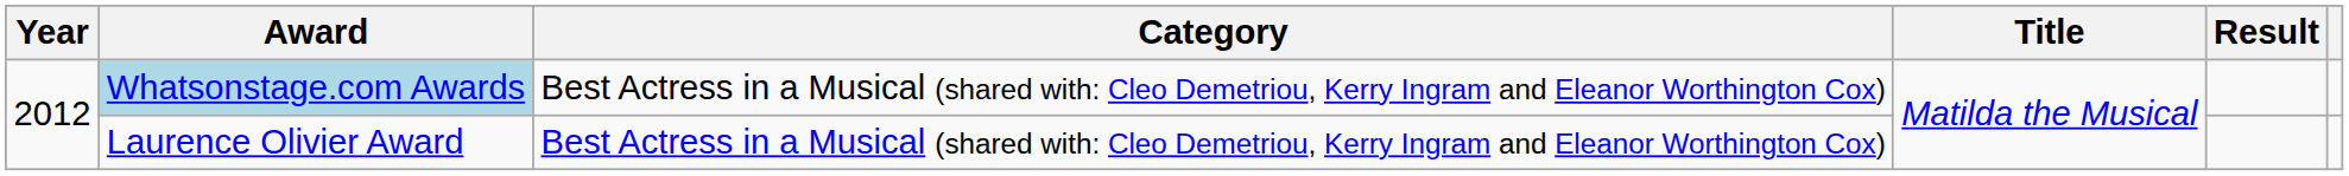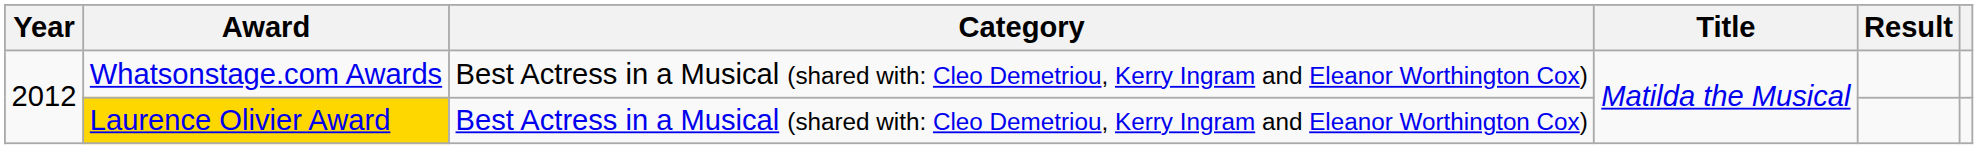 <table class="wikitable">
 <tr>
 <th>Year</th>
 <th>Award</th>
 <th>Category</th>
 <th>Title</th>
 <th>Result</th>
 <th></th>
 </tr>
 <tr>
 <td rowspan=2>2012</td>
-<td style="background: lightblue;"><a href='#'>Whatsonstage.com Awards</a></td>
+<td><a href='#'>Whatsonstage.com Awards</a></td>
 <td>Best Actress in a Musical <small>(shared with: <a href='#'>Cleo Demetriou</a>, <a href='#'>Kerry Ingram</a> and <a href='#'>Eleanor Worthington Cox</a>)</small></td>
 <td rowspan=2><em><a href='#'>Matilda the Musical</a></em></td>
 <td></td>
 <td></td>
 </tr>
 <tr>
-<td><a href='#'>Laurence Olivier Award</a></td>
+<td style="background: gold;"><a href='#'>Laurence Olivier Award</a></td>
 <td><a href='#'>Best Actress in a Musical</a> <small>(shared with: <a href='#'>Cleo Demetriou</a>, <a href='#'>Kerry Ingram</a> and <a href='#'>Eleanor Worthington Cox</a>)</small></td>
 <td></td>
 <td></td>
 </tr>
 </table>
